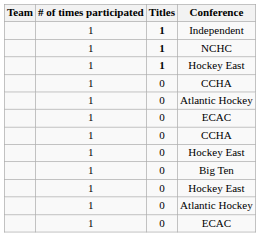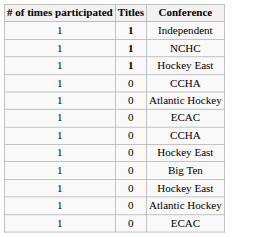 <table class="wikitable" style="text-align:center" cellpadding=2 cellspacing=2>
 <tr>
-<th>Team</th>
 <th># of times participated</th>
 <th><strong>Titles</strong></th>
 <th>Conference</th>
 </tr>
 <tr>
-<td></td>
 <td>1</td>
 <td><strong>1</strong></td>
 <td>Independent</td>
 </tr>
 <tr>
-<td></td>
 <td>1</td>
 <td><strong>1</strong></td>
 <td>NCHC</td>
 </tr>
 <tr>
-<td></td>
 <td>1</td>
 <td><strong>1</strong></td>
 <td>Hockey East</td>
 </tr>
 <tr>
-<td></td>
 <td>1</td>
 <td>0</td>
 <td>CCHA</td>
 </tr>
 <tr>
-<td></td>
 <td>1</td>
 <td>0</td>
 <td>Atlantic Hockey</td>
 </tr>
 <tr>
-<td></td>
 <td>1</td>
 <td>0</td>
 <td>ECAC</td>
 </tr>
 <tr>
-<td></td>
 <td>1</td>
 <td>0</td>
 <td>CCHA</td>
 </tr>
 <tr>
-<td></td>
 <td>1</td>
 <td>0</td>
 <td>Hockey East</td>
 </tr>
 <tr>
-<td></td>
 <td>1</td>
 <td>0</td>
 <td>Big Ten</td>
 </tr>
 <tr>
-<td></td>
 <td>1</td>
 <td>0</td>
 <td>Hockey East</td>
 </tr>
 <tr>
-<td></td>
 <td>1</td>
 <td>0</td>
 <td>Atlantic Hockey</td>
 </tr>
 <tr>
-<td></td>
 <td>1</td>
 <td>0</td>
 <td>ECAC</td>
 </tr>
 </table>
